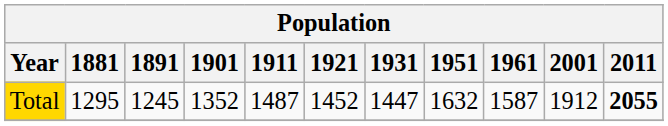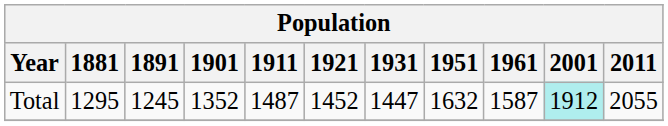 <table class="wikitable" style="margin: 1em auto 1em auto;">
 <tr>
 <th colspan="11">Population</th>
 </tr>
 <tr>
 <th>Year</th>
 <th>1881</th>
 <th>1891</th>
 <th>1901</th>
 <th>1911</th>
 <th>1921</th>
 <th>1931</th>
 <th>1951</th>
 <th>1961</th>
 <th>2001</th>
 <th>2011</th>
 </tr>
 <tr>
-<td style="background: gold;">Total</td>
+<td>Total</td>
 <td>1295</td>
 <td>1245</td>
 <td>1352</td>
 <td>1487</td>
 <td>1452</td>
 <td>1447</td>
 <td>1632</td>
 <td>1587</td>
-<td>1912</td>
-<td><strong>2055</strong></td>
+<td style="background: paleturquoise;">1912</td>
+<td>2055</td>
 </tr>
 <tr>
 </tr>
 </table>
